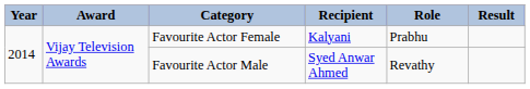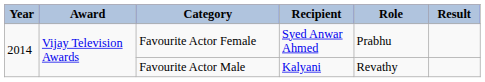 <table class="wikitable" width="70%">
 <tr bgcolor="blue">
 <th style="width:25pt; background:LightSteelBlue;">Year</th>
 <th style="width:80pt; background:LightSteelBlue;">Award</th>
 <th style="width:120pt; background:LightSteelBlue;">Category</th>
 <th style="width:60pt; background:LightSteelBlue;">Recipient</th>
 <th style="width:60pt; background:LightSteelBlue;">Role</th>
 <th style="width:40pt; background:LightSteelBlue;">Result</th>
 </tr>
 <tr>
 <td rowspan="2">2014</td>
 <td rowspan="2"><a href='#'>Vijay Television Awards</a></td>
 <td>Favourite Actor Female</td>
-<td><a href='#'>Kalyani</a></td>
+<td><a href='#'>Syed Anwar Ahmed</a></td>
 <td>Prabhu</td>
 <td></td>
 </tr>
 <tr>
 <td>Favourite Actor Male</td>
-<td><a href='#'>Syed Anwar Ahmed</a></td>
+<td><a href='#'>Kalyani</a></td>
 <td>Revathy</td>
 <td></td>
 </tr>
 </table>
